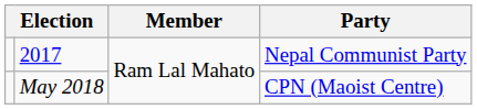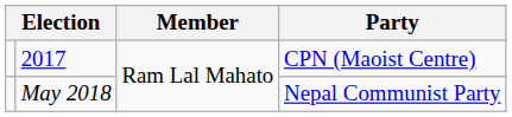 <table class="wikitable">
 <tr>
 <th colspan="2">Election</th>
 <th>Member</th>
 <th>Party</th>
 </tr>
 <tr>
 <td style="background-color:"></td>
 <td><a href='#'>2017</a></td>
 <td rowspan="2">Ram Lal Mahato</td>
-<td><a href='#'>Nepal Communist Party</a></td>
+<td><a href='#'>CPN (Maoist Centre)</a></td>
 </tr>
 <tr>
 <td style="background-color:"></td>
 <td><em>May 2018</em></td>
-<td><a href='#'>CPN (Maoist Centre)</a></td>
+<td><a href='#'>Nepal Communist Party</a></td>
 </tr>
 </table>
